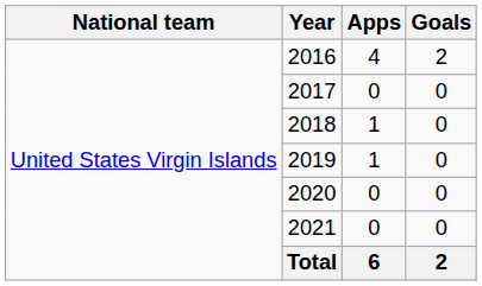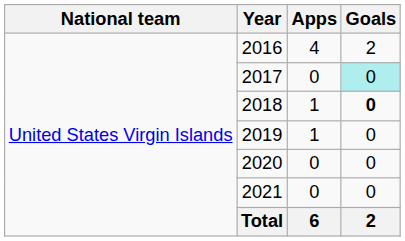 <table class="wikitable" style="text-align:center">
 <tr>
 <th>National team</th>
 <th>Year</th>
 <th>Apps</th>
 <th>Goals</th>
 </tr>
 <tr>
 <td rowspan="8"><a href='#'>United States Virgin Islands</a></td>
 <td>2016</td>
 <td>4</td>
 <td>2</td>
 </tr>
 <tr>
 <td>2017</td>
 <td>0</td>
-<td>0</td>
+<td style="background: paleturquoise;">0</td>
 </tr>
 <tr>
 <td>2018</td>
 <td>1</td>
-<td>0</td>
+<td><strong>0</strong></td>
 </tr>
 <tr>
 <td>2019</td>
 <td>1</td>
 <td>0</td>
 </tr>
 <tr>
 <td>2020</td>
 <td>0</td>
 <td>0</td>
 </tr>
 <tr>
 <td>2021</td>
 <td>0</td>
 <td>0</td>
 </tr>
 <tr>
 <th>Total</th>
 <th>6</th>
 <th>2</th>
 </tr>
 </table>
